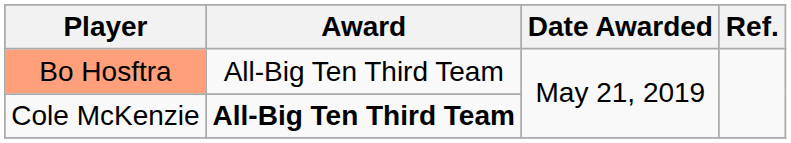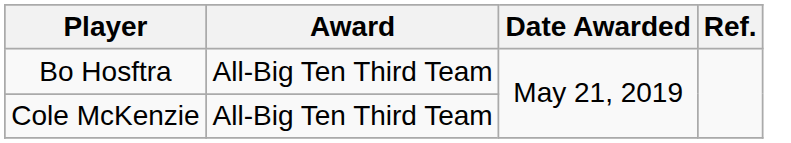 <table class="wikitable sortable sortable" style="text-align: center">
 <tr align=center>
 <th>Player</th>
 <th>Award</th>
 <th>Date Awarded</th>
 <th>Ref.</th>
 </tr>
 <tr>
-<td style="background: lightsalmon;">Bo Hosftra</td>
+<td>Bo Hosftra</td>
 <td rowspan="1">All-Big Ten Third Team</td>
 <td rowspan="9">May 21, 2019</td>
 <td rowspan="9"></td>
 </tr>
 <tr>
 <td>Cole McKenzie</td>
-<td><strong>All-Big Ten Third Team</strong></td>
+<td>All-Big Ten Third Team</td>
 </tr>
 </table>
